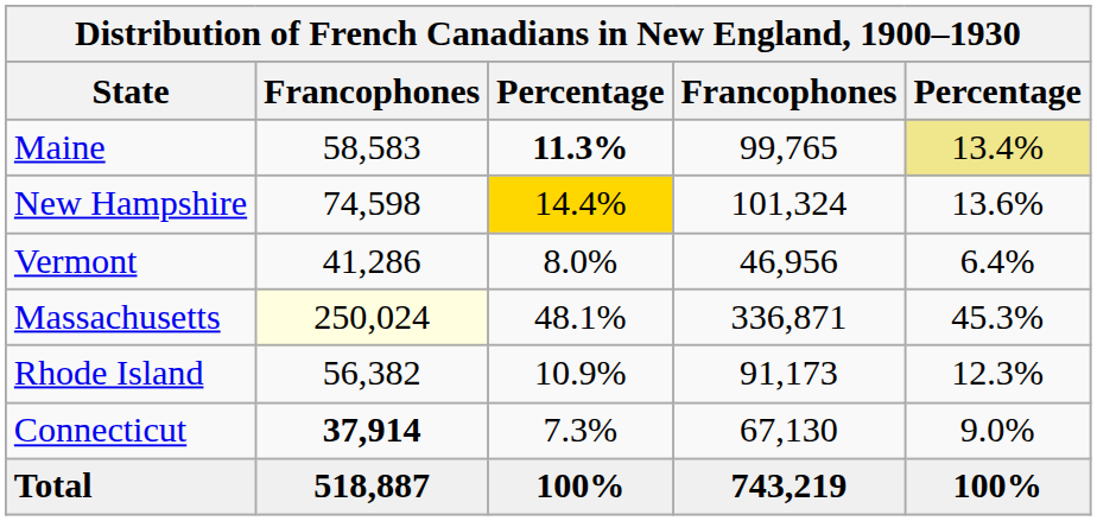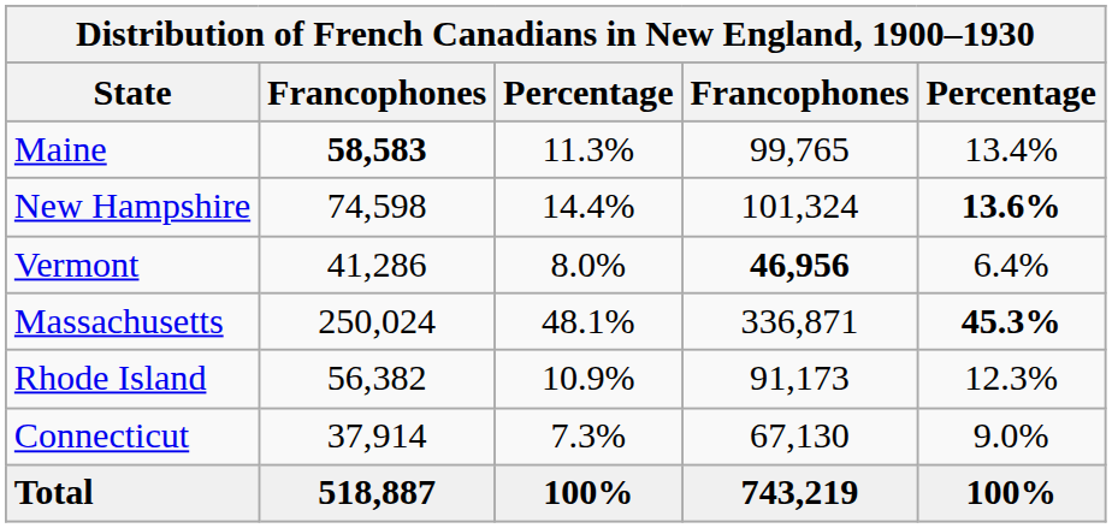 <table class=wikitable style="text-align:center">
 <tr>
 <th colspan = 6>Distribution of French Canadians in New England, 1900–1930</th>
 </tr>
 <tr>
 <th>State</th>
 <th>Francophones</th>
 <th>Percentage</th>
 <th>Francophones</th>
 <th>Percentage</th>
 </tr>
 <tr>
 <td style="text-align:left"><a href='#'>Maine</a></td>
-<td>58,583</td>
-<td><strong>11.3%</strong></td>
+<td><strong>58,583</strong></td>
+<td>11.3%</td>
 <td>99,765</td>
-<td style="background: khaki;">13.4%</td>
+<td>13.4%</td>
 </tr>
 <tr>
 <td style="text-align:left"><a href='#'>New Hampshire</a></td>
 <td>74,598</td>
-<td style="background: gold;">14.4%</td>
+<td>14.4%</td>
 <td>101,324</td>
-<td>13.6%</td>
+<td><strong>13.6%</strong></td>
 </tr>
 <tr>
 <td style="text-align:left"><a href='#'>Vermont</a></td>
 <td>41,286</td>
 <td>8.0%</td>
-<td>46,956</td>
+<td><strong>46,956</strong></td>
 <td>6.4%</td>
 </tr>
 <tr>
 <td style="text-align:left"><a href='#'>Massachusetts</a></td>
-<td style="background: lightyellow;">250,024</td>
+<td>250,024</td>
 <td>48.1%</td>
 <td>336,871</td>
-<td>45.3%</td>
+<td><strong>45.3%</strong></td>
 </tr>
 <tr>
 <td style="text-align:left"><a href='#'>Rhode Island</a></td>
 <td>56,382</td>
 <td>10.9%</td>
 <td>91,173</td>
 <td>12.3%</td>
 </tr>
 <tr>
 <td style="text-align:left"><a href='#'>Connecticut</a></td>
-<td><strong>37,914</strong></td>
+<td>37,914</td>
 <td>7.3%</td>
 <td>67,130</td>
 <td>9.0%</td>
 </tr>
 <tr style="font-weight:bold; background-color:#f0f0f0">
 <td style="text-align:left">Total</td>
 <td>518,887</td>
 <td>100%</td>
 <td>743,219</td>
 <td>100%</td>
 </tr>
 </table>
